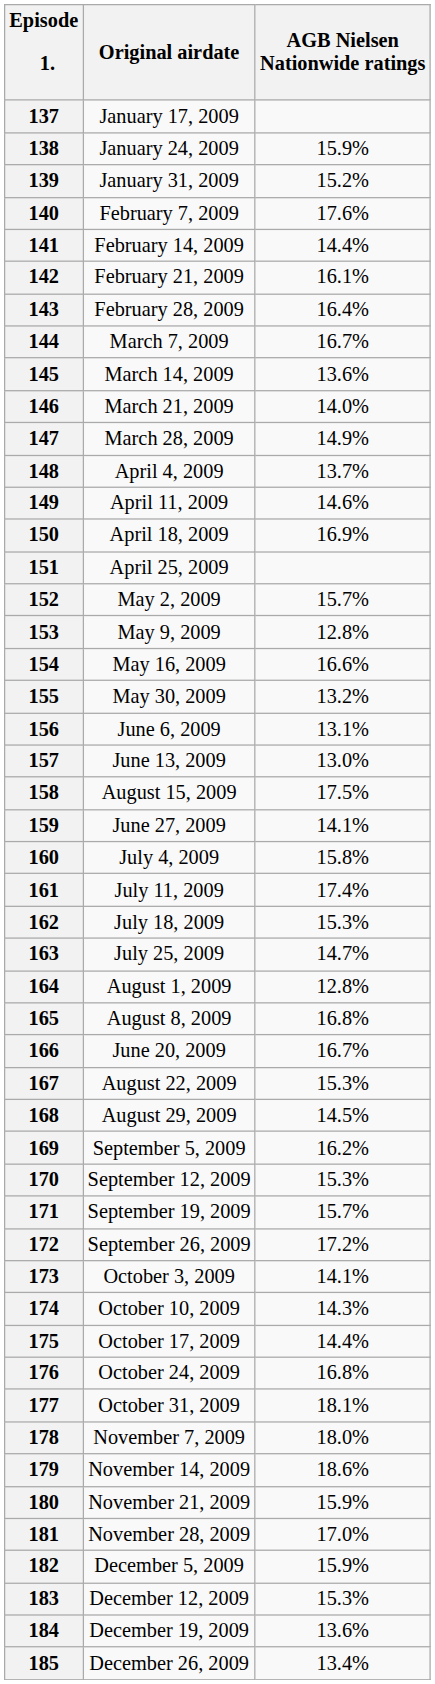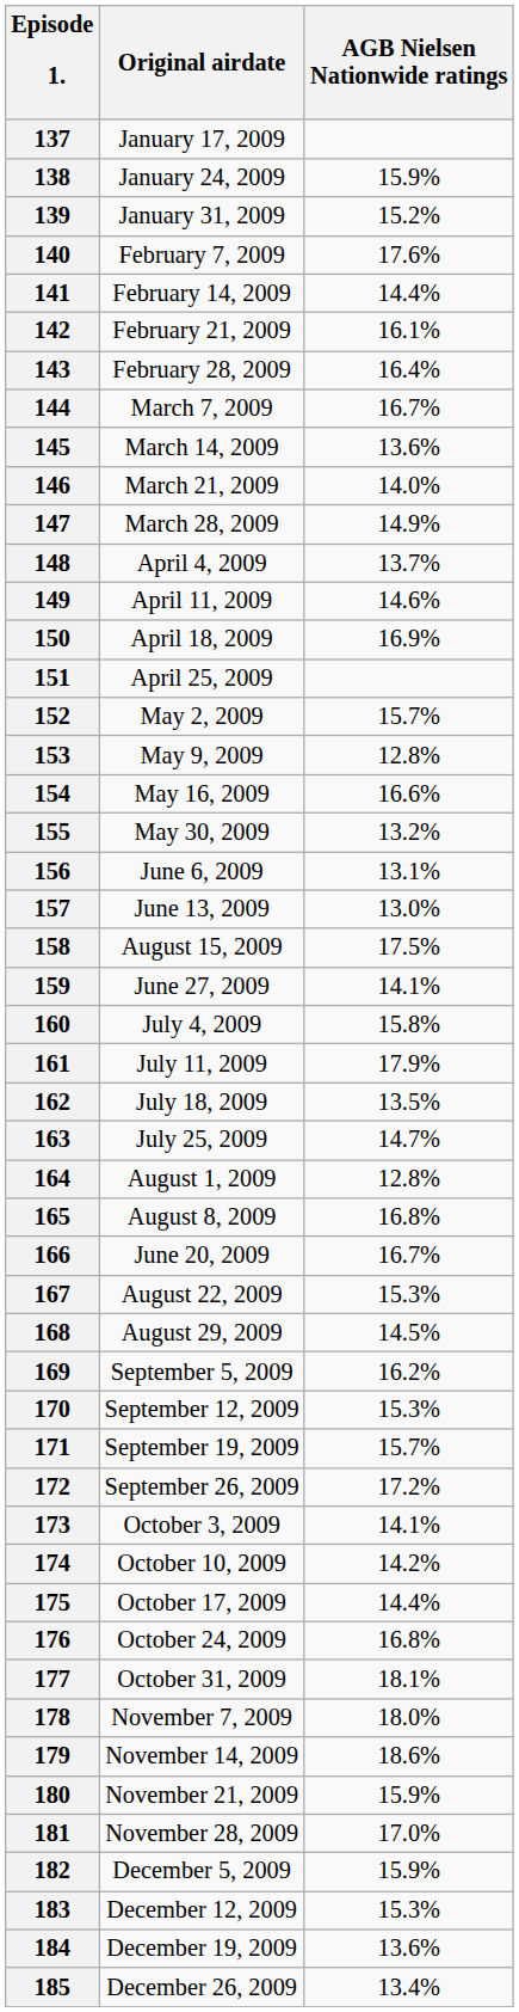 <table class=wikitable style="text-align:center">
 <tr>
 <th>Episode<br><ol><li></li></ol></th>
 <th>Original airdate</th>
 <th>AGB Nielsen<br>Nationwide ratings</th>
 </tr>
 <tr>
 <th>137</th>
 <td>January 17, 2009</td>
 <td></td>
 </tr>
 <tr>
 <th>138</th>
 <td>January 24, 2009</td>
 <td>15.9%</td>
 </tr>
 <tr>
 <th>139</th>
 <td>January 31, 2009</td>
 <td>15.2%</td>
 </tr>
 <tr>
 <th>140</th>
 <td>February 7, 2009</td>
 <td>17.6%</td>
 </tr>
 <tr>
 <th>141</th>
 <td>February 14, 2009</td>
 <td>14.4%</td>
 </tr>
 <tr>
 <th>142</th>
 <td>February 21, 2009</td>
 <td>16.1%</td>
 </tr>
 <tr>
 <th>143</th>
 <td>February 28, 2009</td>
 <td>16.4%</td>
 </tr>
 <tr>
 <th>144</th>
 <td>March 7, 2009</td>
 <td>16.7%</td>
 </tr>
 <tr>
 <th>145</th>
 <td>March 14, 2009</td>
 <td>13.6%</td>
 </tr>
 <tr>
 <th>146</th>
 <td>March 21, 2009</td>
 <td>14.0%</td>
 </tr>
 <tr>
 <th>147</th>
 <td>March 28, 2009</td>
 <td>14.9%</td>
 </tr>
 <tr>
 <th>148</th>
 <td>April 4, 2009</td>
 <td>13.7%</td>
 </tr>
 <tr>
 <th>149</th>
 <td>April 11, 2009</td>
 <td>14.6%</td>
 </tr>
 <tr>
 <th>150</th>
 <td>April 18, 2009</td>
 <td>16.9%</td>
 </tr>
 <tr>
 <th>151</th>
 <td>April 25, 2009</td>
 <td></td>
 </tr>
 <tr>
 <th>152</th>
 <td>May 2, 2009</td>
 <td>15.7%</td>
 </tr>
 <tr>
 <th>153</th>
 <td>May 9, 2009</td>
 <td>12.8%</td>
 </tr>
 <tr>
 <th>154</th>
 <td>May 16, 2009</td>
 <td>16.6%</td>
 </tr>
 <tr>
 <th>155</th>
 <td>May 30, 2009</td>
 <td>13.2%</td>
 </tr>
 <tr>
 <th>156</th>
 <td>June 6, 2009</td>
 <td>13.1%</td>
 </tr>
 <tr>
 <th>157</th>
 <td>June 13, 2009</td>
 <td>13.0%</td>
 </tr>
 <tr>
 <th>158</th>
 <td>August 15, 2009</td>
 <td>17.5%</td>
 </tr>
 <tr>
 <th>159</th>
 <td>June 27, 2009</td>
 <td>14.1%</td>
 </tr>
 <tr>
 <th>160</th>
 <td>July 4, 2009</td>
 <td>15.8%</td>
 </tr>
 <tr>
 <th>161</th>
 <td>July 11, 2009</td>
-<td>17.4%</td>
+<td>17.9%</td>
 </tr>
 <tr>
 <th>162</th>
 <td>July 18, 2009</td>
-<td>15.3%</td>
+<td>13.5%</td>
 </tr>
 <tr>
 <th>163</th>
 <td>July 25, 2009</td>
 <td>14.7%</td>
 </tr>
 <tr>
 <th>164</th>
 <td>August 1, 2009</td>
 <td>12.8%</td>
 </tr>
 <tr>
 <th>165</th>
 <td>August 8, 2009</td>
 <td>16.8%</td>
 </tr>
 <tr>
 <th>166</th>
 <td>June 20, 2009</td>
 <td>16.7%</td>
 </tr>
 <tr>
 <th>167</th>
 <td>August 22, 2009</td>
 <td>15.3%</td>
 </tr>
 <tr>
 <th>168</th>
 <td>August 29, 2009</td>
 <td>14.5%</td>
 </tr>
 <tr>
 <th>169</th>
 <td>September 5, 2009</td>
 <td>16.2%</td>
 </tr>
 <tr>
 <th>170</th>
 <td>September 12, 2009</td>
 <td>15.3%</td>
 </tr>
 <tr>
 <th>171</th>
 <td>September 19, 2009</td>
 <td>15.7%</td>
 </tr>
 <tr>
 <th>172</th>
 <td>September 26, 2009</td>
 <td>17.2%</td>
 </tr>
 <tr>
 <th>173</th>
 <td>October 3, 2009</td>
 <td>14.1%</td>
 </tr>
 <tr>
 <th>174</th>
 <td>October 10, 2009</td>
-<td>14.3%</td>
+<td>14.2%</td>
 </tr>
 <tr>
 <th>175</th>
 <td>October 17, 2009</td>
 <td>14.4%</td>
 </tr>
 <tr>
 <th>176</th>
 <td>October 24, 2009</td>
 <td>16.8%</td>
 </tr>
 <tr>
 <th>177</th>
 <td>October 31, 2009</td>
 <td>18.1%</td>
 </tr>
 <tr>
 <th>178</th>
 <td>November 7, 2009</td>
 <td>18.0%</td>
 </tr>
 <tr>
 <th>179</th>
 <td>November 14, 2009</td>
 <td>18.6%</td>
 </tr>
 <tr>
 <th>180</th>
 <td>November 21, 2009</td>
 <td>15.9%</td>
 </tr>
 <tr>
 <th>181</th>
 <td>November 28, 2009</td>
 <td>17.0%</td>
 </tr>
 <tr>
 <th>182</th>
 <td>December 5, 2009</td>
 <td>15.9%</td>
 </tr>
 <tr>
 <th>183</th>
 <td>December 12, 2009</td>
 <td>15.3%</td>
 </tr>
 <tr>
 <th>184</th>
 <td>December 19, 2009</td>
 <td>13.6%</td>
 </tr>
 <tr>
 <th>185</th>
 <td>December 26, 2009</td>
 <td>13.4%</td>
 </tr>
 </table>
